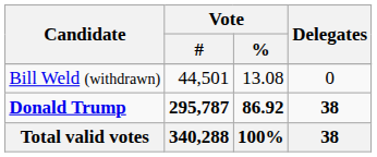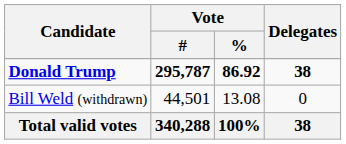 <table class="wikitable sortable plainrowheaders" style="text-align:right;">
 <tr>
 <th rowspan="2">Candidate</th>
 <th colspan="2">Vote</th>
 <th rowspan="2">Delegates</th>
 </tr>
 <tr>
 <th>#</th>
 <th>%</th>
 </tr>
 <tr>
 </tr>
 <tr>
+<td style="text-align:left;"><strong><a href='#'>Donald Trump</a></strong></td>
+<td><strong>295,787</strong></td>
+<td><strong>86.92</strong></td>
+<td style="text-align:center;"><strong>38</strong></td>
+</tr>
+<tr>
 <td style="text-align:left;"><a href='#'>Bill Weld</a> <small>(withdrawn)</small></td>
 <td>44,501</td>
 <td>13.08</td>
 <td style="text-align:center;">0</td>
-</tr>
-<tr>
-<td style="text-align:left;"><strong><a href='#'>Donald Trump</a></strong></td>
-<td><strong>295,787</strong></td>
-<td><strong>86.92</strong></td>
-<td style="text-align:center;"><strong>38</strong></td>
 </tr>
 <tr class="sortbottom">
 <th>Total valid votes</th>
 <th>340,288</th>
 <th>100%</th>
 <th>38</th>
 </tr>
 </table>
